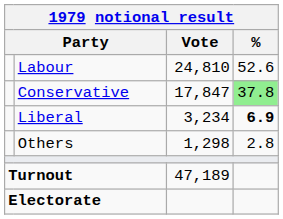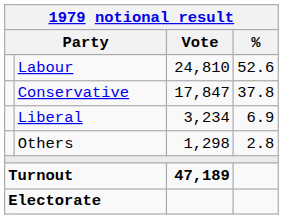 <table class="wikitable">
 <tr>
 <th colspan="4"><a href='#'>1979</a> <a href='#'>notional result</a></th>
 </tr>
 <tr>
 <th bgcolor="#DDDDFF" width="130px" colspan="2">Party</th>
 <th bgcolor="#DDDDFF" width="50px">Vote</th>
 <th bgcolor="#DDDDFF" width="30px">%</th>
 </tr>
 <tr>
 <td></td>
 <td><a href='#'>Labour</a></td>
 <td align=right>24,810</td>
 <td align=right>52.6</td>
 </tr>
 <tr>
 <td></td>
 <td><a href='#'>Conservative</a></td>
 <td align=right>17,847</td>
-<td align=right style="background: lightgreen;">37.8</td>
+<td align=right>37.8</td>
 </tr>
 <tr>
 <td></td>
 <td><a href='#'>Liberal</a></td>
 <td align=right>3,234</td>
-<td align=right><strong>6.9</strong></td>
+<td align=right>6.9</td>
 </tr>
 <tr>
 <td></td>
 <td>Others</td>
 <td align=right>1,298</td>
 <td align=right>2.8</td>
 </tr>
 <tr>
 <td colspan="4" bgcolor="#EAECF0"></td>
 </tr>
 <tr>
 <td colspan="2"><strong>Turnout</strong></td>
-<td align=right>47,189</td>
+<td align=right><strong>47,189</strong></td>
 <td align=right></td>
 </tr>
 <tr>
 <td colspan="2"><strong>Electorate</strong></td>
 <td align=right></td>
 </tr>
 </table>
